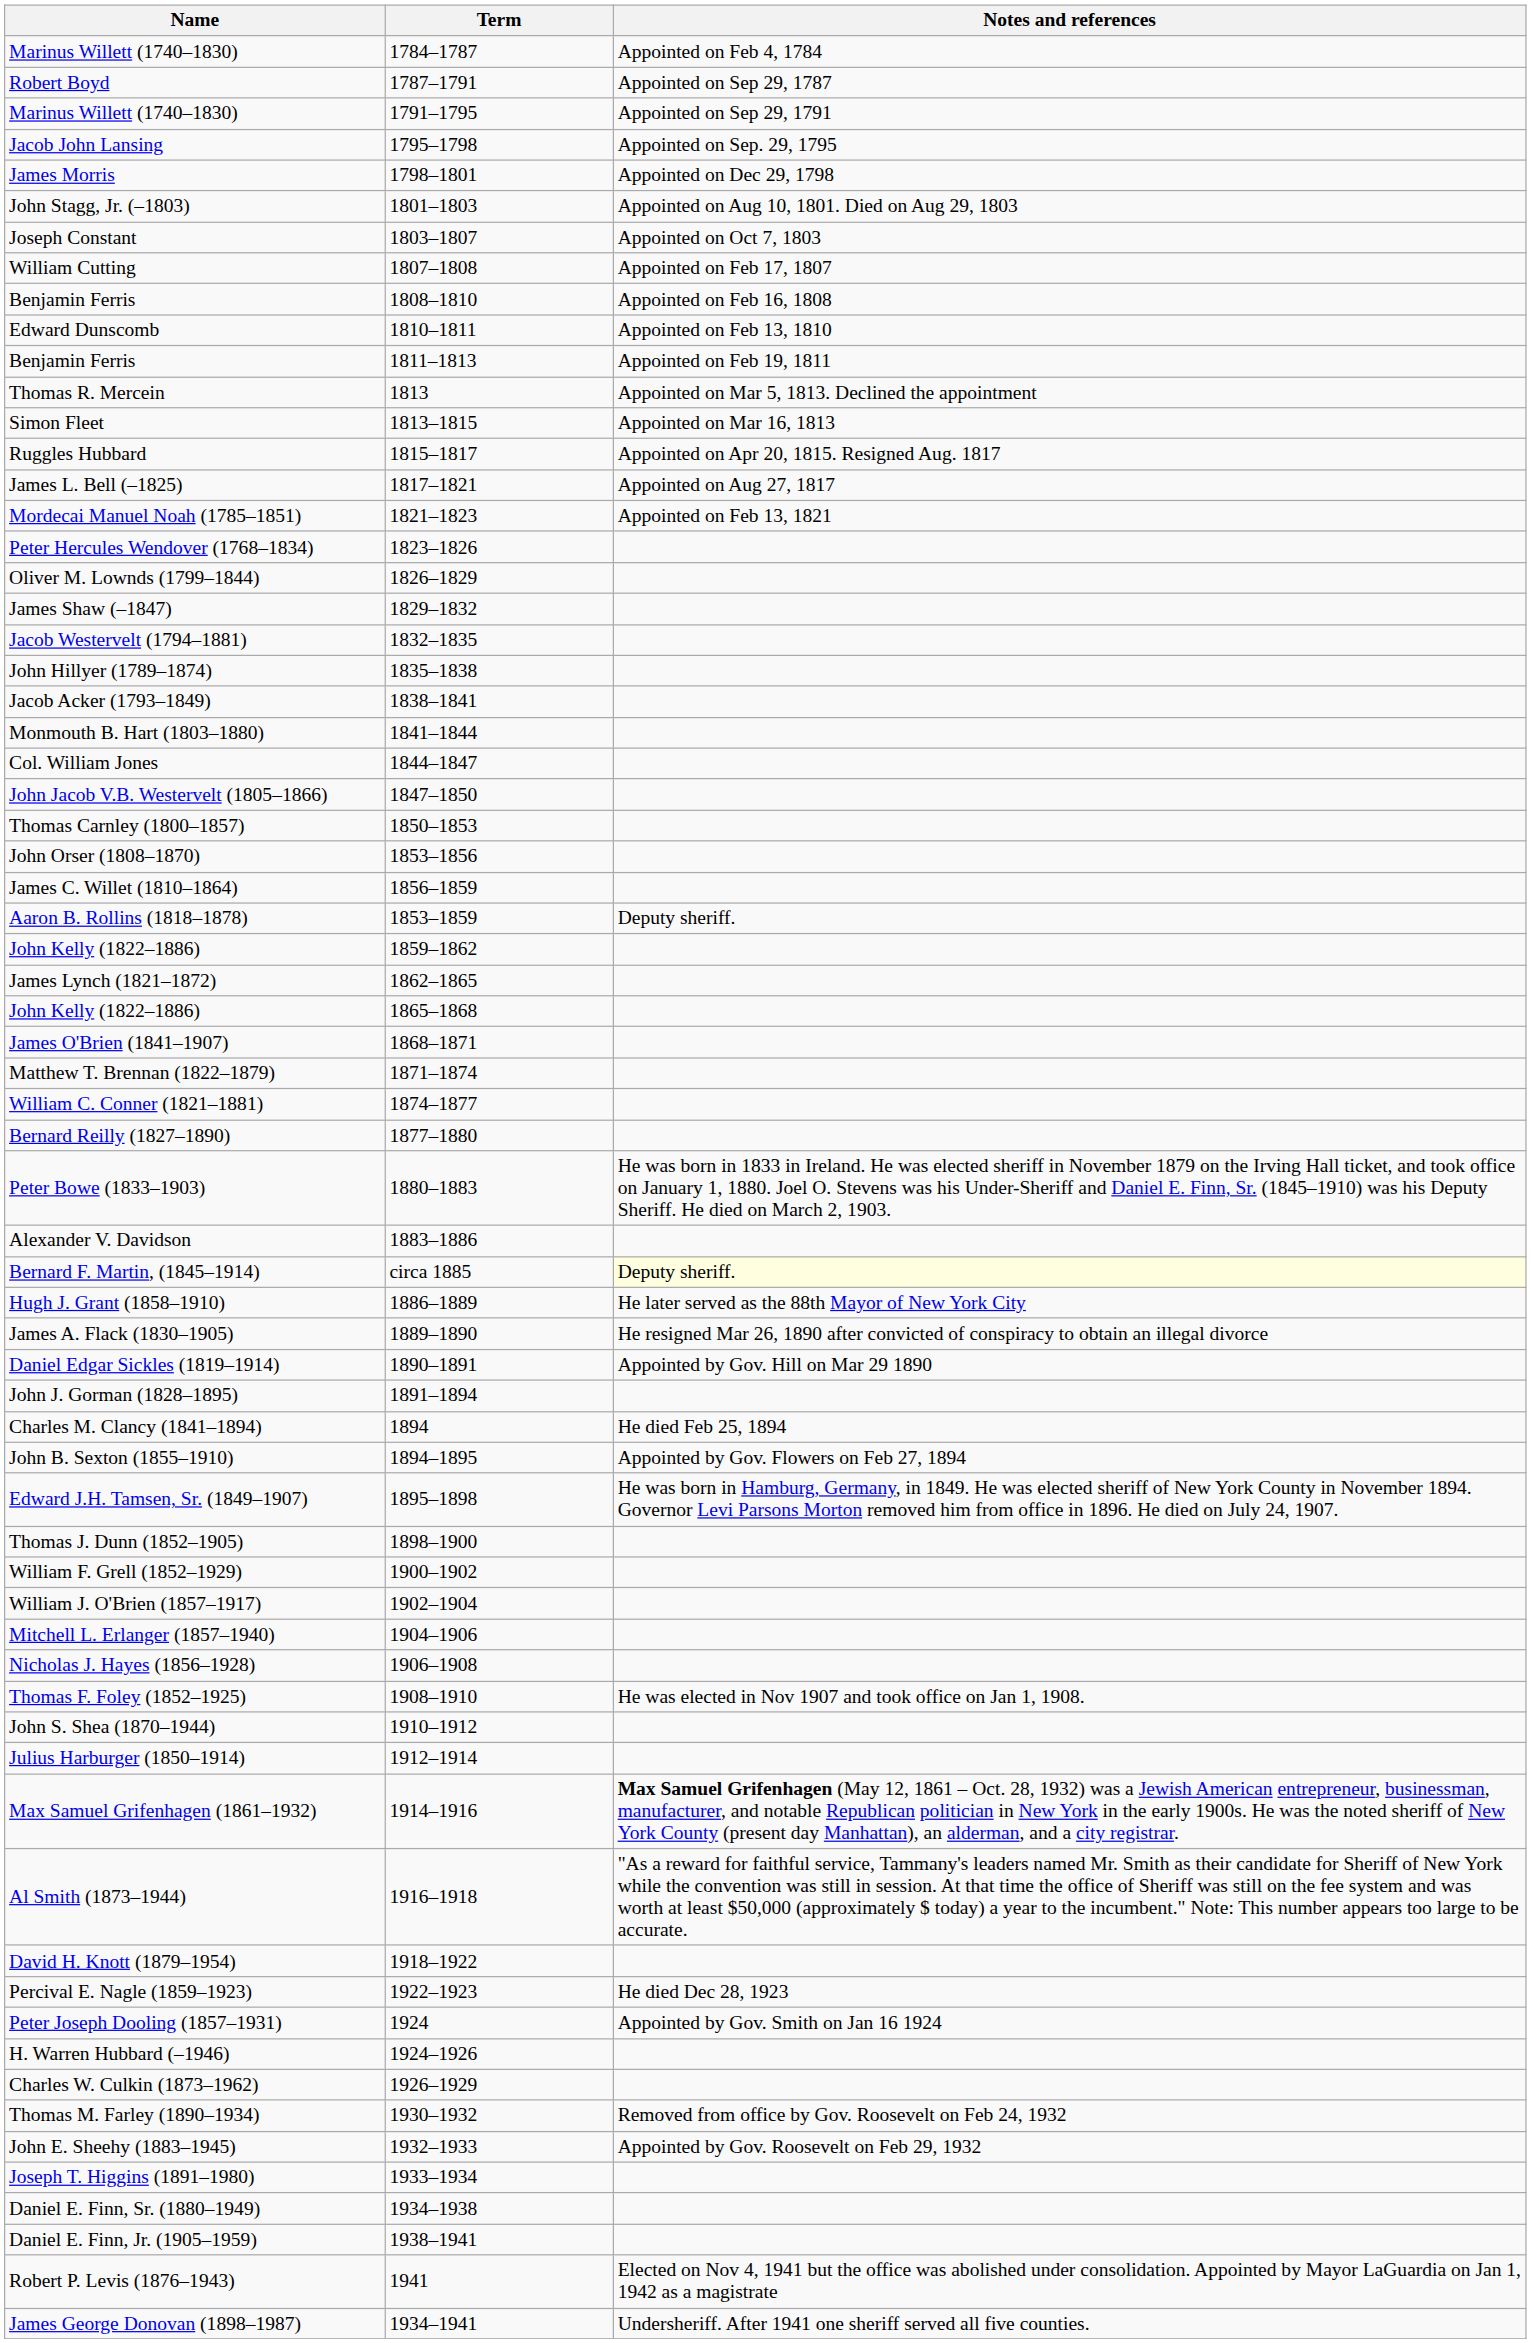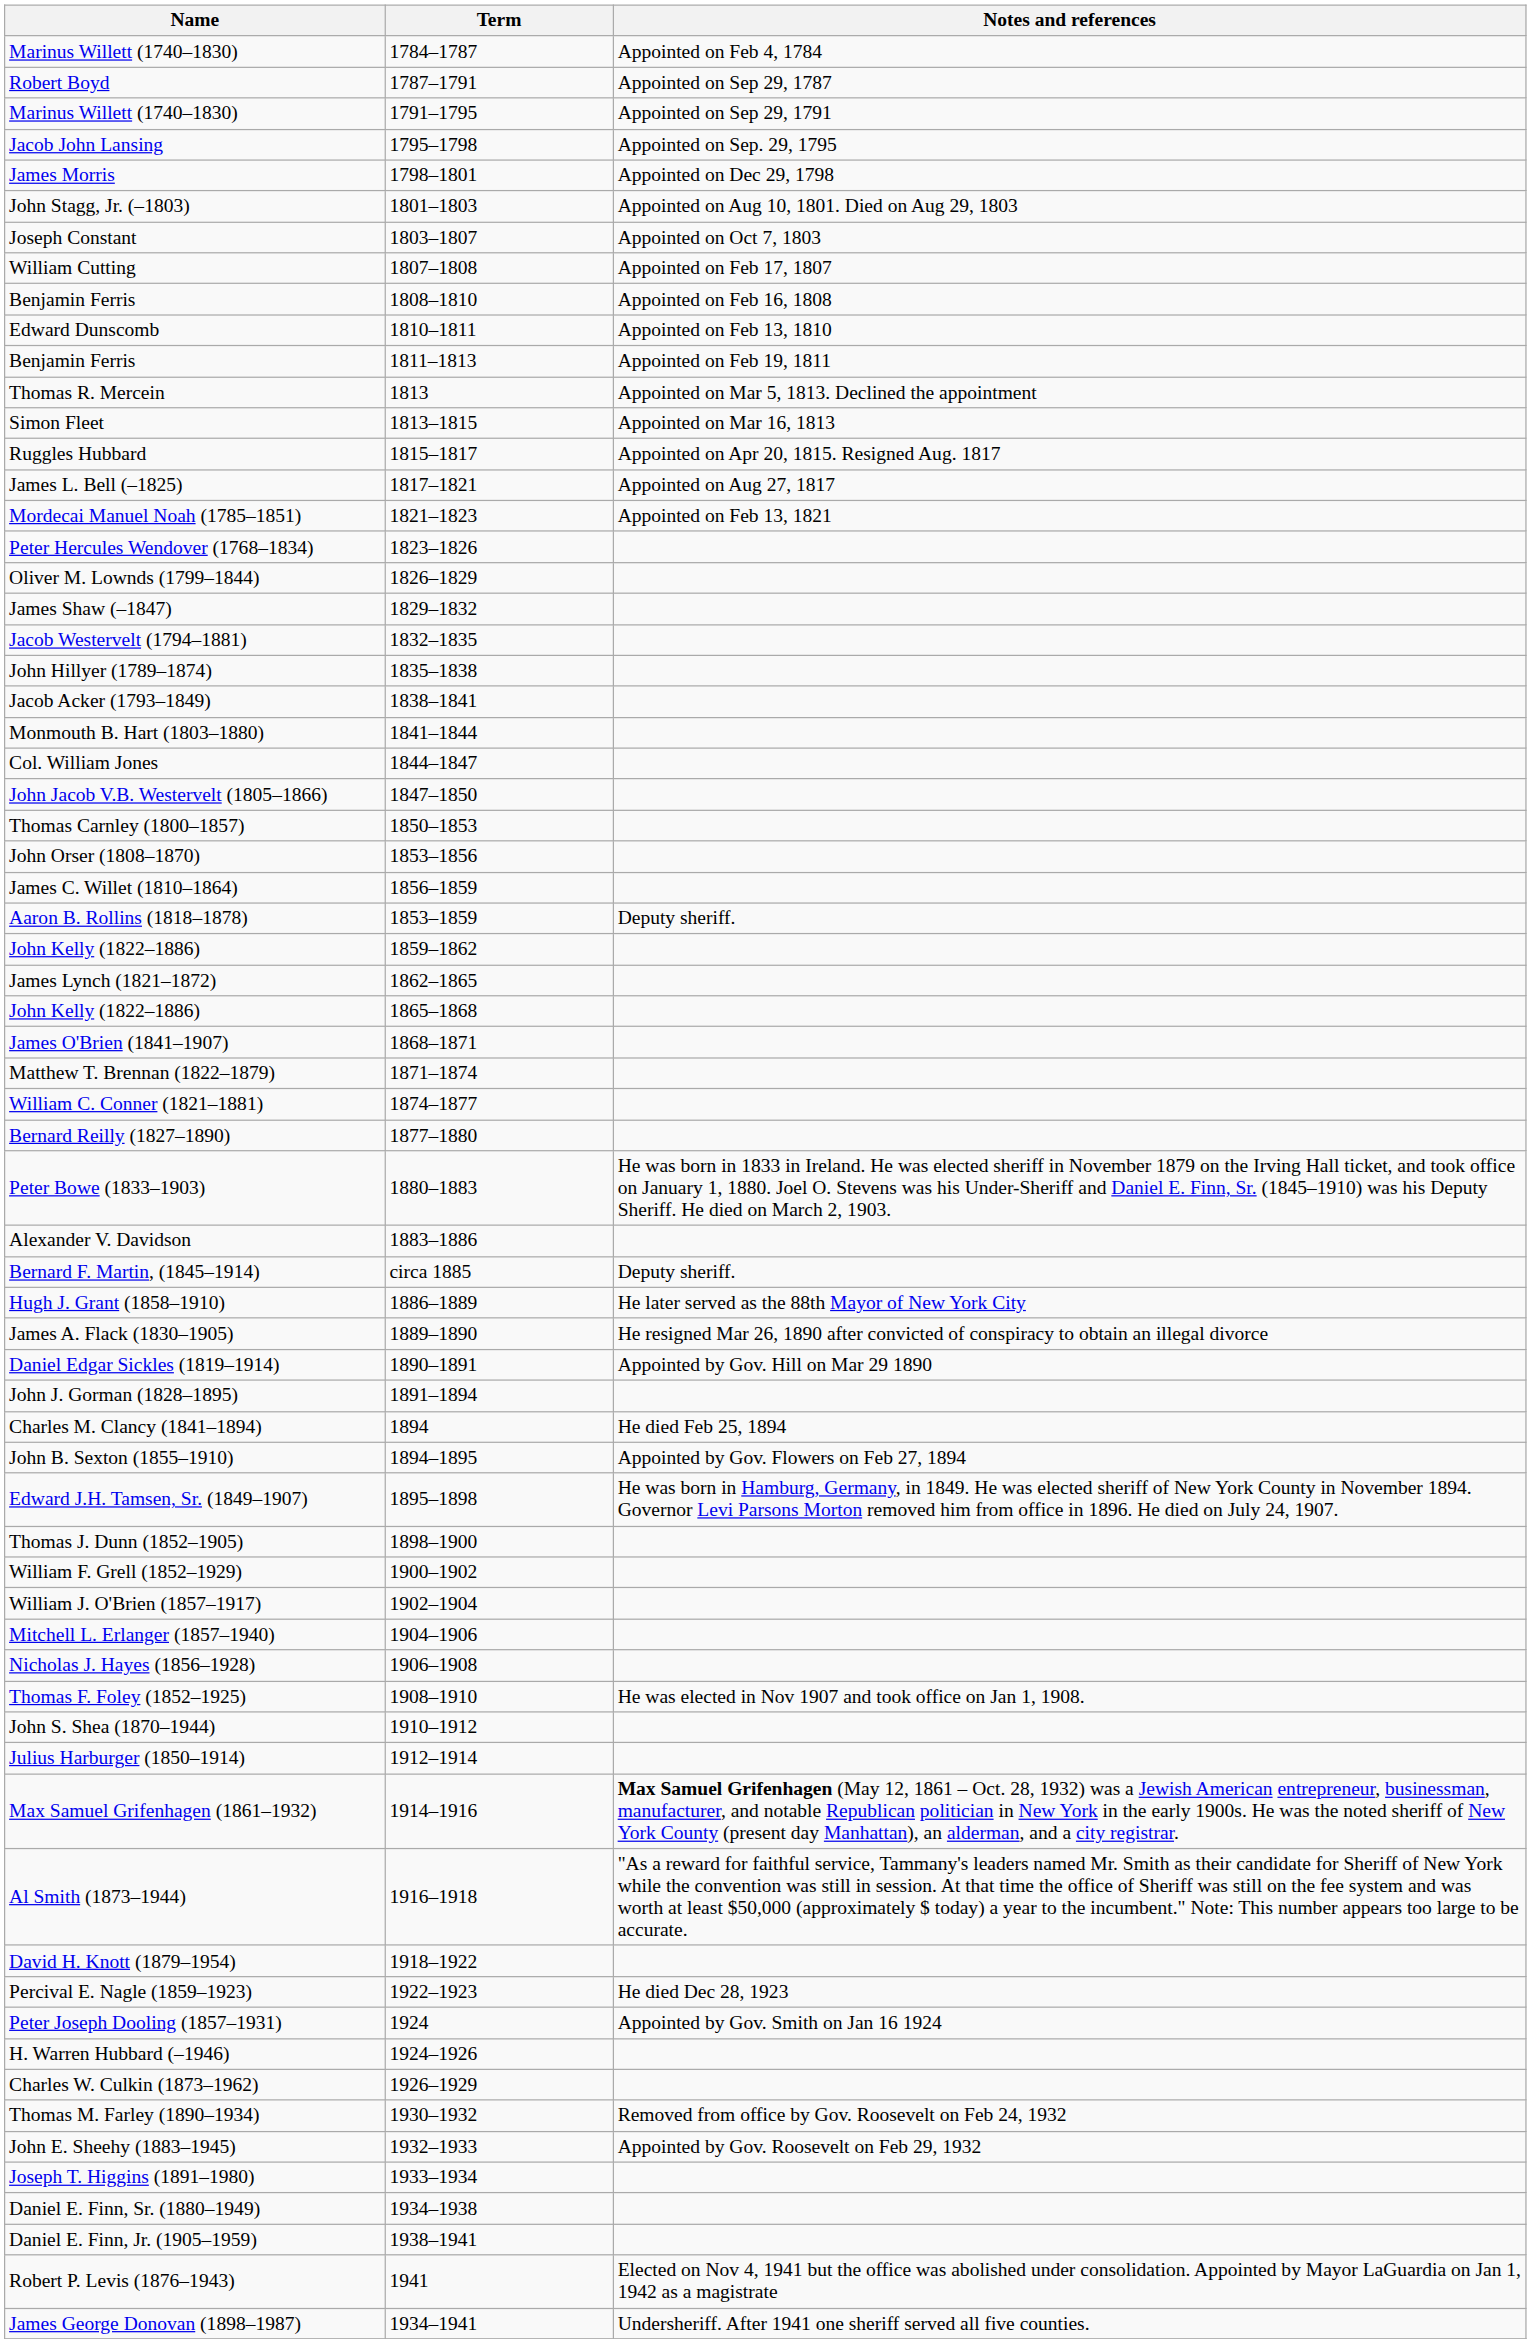 <table class="wikitable" style="float:left; ">
 <tr>
 <th width="25%">Name</th>
 <th width="15%">Term</th>
 <th width="60%">Notes and references</th>
 </tr>
 <tr>
 <td><a href='#'>Marinus Willett</a> (1740–1830)</td>
 <td>1784–1787</td>
 <td>Appointed on Feb 4, 1784</td>
 </tr>
 <tr>
 <td><a href='#'>Robert Boyd</a></td>
 <td>1787–1791</td>
 <td>Appointed on Sep 29, 1787</td>
 </tr>
 <tr>
 <td><a href='#'>Marinus Willett</a> (1740–1830)</td>
 <td>1791–1795</td>
 <td>Appointed on Sep 29, 1791</td>
 </tr>
 <tr>
 <td><a href='#'>Jacob John Lansing</a></td>
 <td>1795–1798</td>
 <td>Appointed on Sep. 29, 1795</td>
 </tr>
 <tr>
 <td><a href='#'>James Morris</a></td>
 <td>1798–1801</td>
 <td>Appointed on Dec 29, 1798</td>
 </tr>
 <tr>
 <td>John Stagg, Jr. (–1803)</td>
 <td>1801–1803</td>
 <td>Appointed on Aug 10, 1801. Died on Aug 29, 1803</td>
 </tr>
 <tr>
 <td>Joseph Constant</td>
 <td>1803–1807</td>
 <td>Appointed on Oct 7, 1803</td>
 </tr>
 <tr>
 <td>William Cutting</td>
 <td>1807–1808</td>
 <td>Appointed on Feb 17, 1807</td>
 </tr>
 <tr>
 <td>Benjamin Ferris</td>
 <td>1808–1810</td>
 <td>Appointed on Feb 16, 1808</td>
 </tr>
 <tr>
 <td>Edward Dunscomb</td>
 <td>1810–1811</td>
 <td>Appointed on Feb 13, 1810</td>
 </tr>
 <tr>
 <td>Benjamin Ferris</td>
 <td>1811–1813</td>
 <td>Appointed on Feb 19, 1811</td>
 </tr>
 <tr>
 <td>Thomas R. Mercein</td>
 <td>1813</td>
 <td>Appointed on Mar 5, 1813. Declined the appointment</td>
 </tr>
 <tr>
 <td>Simon Fleet</td>
 <td>1813–1815</td>
 <td>Appointed on Mar 16, 1813</td>
 </tr>
 <tr>
 <td>Ruggles Hubbard</td>
 <td>1815–1817</td>
 <td>Appointed on Apr 20, 1815. Resigned Aug. 1817</td>
 </tr>
 <tr>
 <td>James L. Bell (–1825)</td>
 <td>1817–1821</td>
 <td>Appointed on Aug 27, 1817</td>
 </tr>
 <tr>
 <td><a href='#'>Mordecai Manuel Noah</a> (1785–1851)</td>
 <td>1821–1823</td>
 <td>Appointed on Feb 13, 1821</td>
 </tr>
 <tr>
 <td><a href='#'>Peter Hercules Wendover</a> (1768–1834)</td>
 <td>1823–1826</td>
 <td></td>
 </tr>
 <tr>
 <td>Oliver M. Lownds (1799–1844)</td>
 <td>1826–1829</td>
 <td></td>
 </tr>
 <tr>
 <td>James Shaw (–1847)</td>
 <td>1829–1832</td>
 <td></td>
 </tr>
 <tr>
 <td><a href='#'>Jacob Westervelt</a> (1794–1881)</td>
 <td>1832–1835</td>
 <td></td>
 </tr>
 <tr>
 <td>John Hillyer (1789–1874)</td>
 <td>1835–1838</td>
 <td></td>
 </tr>
 <tr>
 <td>Jacob Acker (1793–1849)</td>
 <td>1838–1841</td>
 <td></td>
 </tr>
 <tr>
 <td>Monmouth B. Hart (1803–1880)</td>
 <td>1841–1844</td>
 <td></td>
 </tr>
 <tr>
 <td>Col. William Jones</td>
 <td>1844–1847</td>
 <td></td>
 </tr>
 <tr>
 <td><a href='#'>John Jacob V.B. Westervelt</a> (1805–1866)</td>
 <td>1847–1850</td>
 <td></td>
 </tr>
 <tr>
 <td>Thomas Carnley (1800–1857)</td>
 <td>1850–1853</td>
 <td></td>
 </tr>
 <tr>
 <td>John Orser (1808–1870)</td>
 <td>1853–1856</td>
 <td></td>
 </tr>
 <tr>
 <td>James C. Willet (1810–1864)</td>
 <td>1856–1859</td>
 <td></td>
 </tr>
 <tr>
 <td><a href='#'>Aaron B. Rollins</a> (1818–1878)</td>
 <td>1853–1859</td>
 <td>Deputy sheriff.</td>
 </tr>
 <tr>
 <td><a href='#'>John Kelly</a> (1822–1886)</td>
 <td>1859–1862</td>
 <td></td>
 </tr>
 <tr>
 <td>James Lynch (1821–1872)</td>
 <td>1862–1865</td>
 <td></td>
 </tr>
 <tr>
 <td><a href='#'>John Kelly</a> (1822–1886)</td>
 <td>1865–1868</td>
 <td></td>
 </tr>
 <tr>
 <td><a href='#'>James O'Brien</a> (1841–1907)</td>
 <td>1868–1871</td>
 <td></td>
 </tr>
 <tr>
 <td>Matthew T. Brennan (1822–1879)</td>
 <td>1871–1874</td>
 <td></td>
 </tr>
 <tr>
 <td><a href='#'>William C. Conner</a> (1821–1881)</td>
 <td>1874–1877</td>
 <td></td>
 </tr>
 <tr>
 <td><a href='#'>Bernard Reilly</a> (1827–1890)</td>
 <td>1877–1880</td>
 <td></td>
 </tr>
 <tr>
 <td><a href='#'>Peter Bowe</a> (1833–1903)</td>
 <td>1880–1883</td>
 <td>He was born in 1833 in Ireland. He was elected sheriff in November 1879 on the Irving Hall ticket, and took office on January 1, 1880. Joel O. Stevens was his Under-Sheriff and <a href='#'>Daniel E. Finn, Sr.</a> (1845–1910) was his Deputy Sheriff. He died on March 2, 1903.</td>
 </tr>
 <tr>
 <td>Alexander V. Davidson</td>
 <td>1883–1886</td>
 <td></td>
 </tr>
 <tr>
 <td><a href='#'>Bernard F. Martin</a>, (1845–1914)</td>
 <td>circa 1885</td>
-<td style="background: lightyellow;">Deputy sheriff.</td>
+<td>Deputy sheriff.</td>
 </tr>
 <tr>
 <td><a href='#'>Hugh J. Grant</a> (1858–1910)</td>
 <td>1886–1889</td>
 <td>He later served as the 88th <a href='#'>Mayor of New York City</a></td>
 </tr>
 <tr>
 <td>James A. Flack (1830–1905)</td>
 <td>1889–1890</td>
 <td>He resigned Mar 26, 1890 after convicted of conspiracy to obtain an illegal divorce</td>
 </tr>
 <tr>
 <td><a href='#'>Daniel Edgar Sickles</a> (1819–1914)</td>
 <td>1890–1891</td>
 <td>Appointed by Gov. Hill on Mar 29 1890</td>
 </tr>
 <tr>
 <td>John J. Gorman (1828–1895)</td>
 <td>1891–1894</td>
 <td></td>
 </tr>
 <tr>
 <td>Charles M. Clancy (1841–1894)</td>
 <td>1894</td>
 <td>He died Feb 25, 1894</td>
 </tr>
 <tr>
 <td>John B. Sexton (1855–1910)</td>
 <td>1894–1895</td>
 <td>Appointed by Gov. Flowers on Feb 27, 1894</td>
 </tr>
 <tr>
 <td><a href='#'>Edward J.H. Tamsen, Sr.</a> (1849–1907)</td>
 <td>1895–1898</td>
 <td>He was born in <a href='#'>Hamburg, Germany</a>, in 1849. He was elected sheriff of New York County in November 1894. Governor <a href='#'>Levi Parsons Morton</a> removed him from office in 1896. He died on July 24, 1907.</td>
 </tr>
 <tr>
 <td>Thomas J. Dunn (1852–1905)</td>
 <td>1898–1900</td>
 <td></td>
 </tr>
 <tr>
 <td>William F. Grell (1852–1929)</td>
 <td>1900–1902</td>
 <td></td>
 </tr>
 <tr>
 <td>William J. O'Brien (1857–1917)</td>
 <td>1902–1904</td>
 <td></td>
 </tr>
 <tr>
 <td><a href='#'>Mitchell L. Erlanger</a> (1857–1940)</td>
 <td>1904–1906</td>
 <td></td>
 </tr>
 <tr>
 <td><a href='#'>Nicholas J. Hayes</a> (1856–1928)</td>
 <td>1906–1908</td>
 <td></td>
 </tr>
 <tr>
 <td><a href='#'>Thomas F. Foley</a> (1852–1925)</td>
 <td>1908–1910</td>
 <td>He was elected in Nov 1907 and took office on Jan 1, 1908.</td>
 </tr>
 <tr>
 <td>John S. Shea (1870–1944)</td>
 <td>1910–1912</td>
 <td></td>
 </tr>
 <tr>
 <td><a href='#'>Julius Harburger</a> (1850–1914)</td>
 <td>1912–1914</td>
 <td></td>
 </tr>
 <tr>
 <td><a href='#'>Max Samuel Grifenhagen</a> (1861–1932)</td>
 <td>1914–1916</td>
 <td><strong>Max Samuel Grifenhagen</strong> (May 12, 1861 – Oct. 28, 1932) was a <a href='#'>Jewish American</a> <a href='#'>entrepreneur</a>, <a href='#'>businessman</a>, <a href='#'>manufacturer</a>, and notable <a href='#'>Republican</a> <a href='#'>politician</a> in <a href='#'>New York</a> in the early 1900s. He was the noted sheriff of <a href='#'>New York County</a> (present day <a href='#'>Manhattan</a>), an <a href='#'>alderman</a>, and a <a href='#'>city registrar</a>.</td>
 </tr>
 <tr>
 <td><a href='#'>Al Smith</a> (1873–1944)</td>
 <td>1916–1918</td>
 <td>"As a reward for faithful service, Tammany's leaders named Mr. Smith as their candidate for Sheriff of New York while the convention was still in session. At that time the office of Sheriff was still on the fee system and was worth at least $50,000 (approximately $ today) a year to the incumbent." Note: This number appears too large to be accurate.</td>
 </tr>
 <tr>
 <td><a href='#'>David H. Knott</a> (1879–1954)</td>
 <td>1918–1922</td>
 <td></td>
 </tr>
 <tr>
 <td>Percival E. Nagle (1859–1923)</td>
 <td>1922–1923</td>
 <td>He died Dec 28, 1923</td>
 </tr>
 <tr>
 <td><a href='#'>Peter Joseph Dooling</a> (1857–1931)</td>
 <td>1924</td>
 <td>Appointed by Gov. Smith on Jan 16 1924</td>
 </tr>
 <tr>
 <td>H. Warren Hubbard (–1946)</td>
 <td>1924–1926</td>
 <td></td>
 </tr>
 <tr>
 <td>Charles W. Culkin (1873–1962)</td>
 <td>1926–1929</td>
 <td></td>
 </tr>
 <tr>
 <td>Thomas M. Farley (1890–1934)</td>
 <td>1930–1932</td>
 <td>Removed from office by Gov. Roosevelt on Feb 24, 1932</td>
 </tr>
 <tr>
 <td>John E. Sheehy (1883–1945)</td>
 <td>1932–1933</td>
 <td>Appointed by Gov. Roosevelt on Feb 29, 1932</td>
 </tr>
 <tr>
 <td><a href='#'>Joseph T. Higgins</a> (1891–1980)</td>
 <td>1933–1934</td>
 <td></td>
 </tr>
 <tr>
 <td>Daniel E. Finn, Sr. (1880–1949)</td>
 <td>1934–1938</td>
 <td></td>
 </tr>
 <tr>
 <td>Daniel E. Finn, Jr. (1905–1959)</td>
 <td>1938–1941</td>
 <td></td>
 </tr>
 <tr>
 <td>Robert P. Levis (1876–1943)</td>
 <td>1941</td>
 <td>Elected on Nov 4, 1941 but the office was abolished under consolidation. Appointed by Mayor LaGuardia on Jan 1, 1942 as a magistrate</td>
 </tr>
 <tr>
 <td><a href='#'>James George Donovan</a> (1898–1987)</td>
 <td>1934–1941</td>
 <td>Undersheriff. After 1941 one sheriff served all five counties.</td>
 </tr>
 <tr>
 </tr>
 </table>
